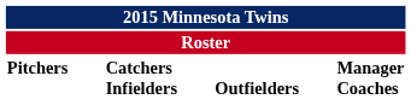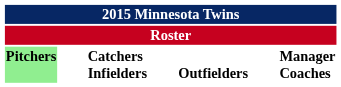 <table class="toccolours" style="font-size: 95%;">
 <tr>
 <th colspan="10" style="background:#072764; color:#fff; text-align:center;">2015 Minnesota Twins</th>
 </tr>
 <tr>
 <td colspan="10" style="background:#c6011f; color:white; text-align:center;"><strong>Roster</strong></td>
 </tr>
 <tr>
-<td valign="top"><strong>Pitchers</strong><br>                      </td>
+<td valign="top" style="background: lightgreen;"><strong>Pitchers</strong><br>                      </td>
 <td style="width:25px;"></td>
 <td valign="top"><strong>Catchers</strong><br>   <strong>Infielders</strong>          </td>
 <td style="width:25px;"></td>
 <td valign="top"><br><strong>Outfielders</strong>        </td>
 <td style="width:25px;"></td>
 <td valign="top"><strong>Manager</strong><br> <strong>Coaches</strong>                </td>
 </tr>
 </table>
